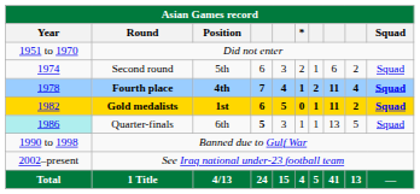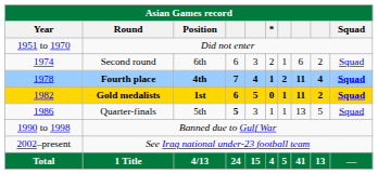 <table class="wikitable collapsed" style="font-size:90%; text-align:center;" width="60%">
 <tr>
 <th colspan=10 style="background: #007A3D; color: #FFFFFF;">Asian Games record</th>
 </tr>
 <tr>
 <th>Year</th>
 <th>Round</th>
 <th>Position</th>
 <th></th>
 <th></th>
 <th>*</th>
 <th></th>
 <th></th>
 <th></th>
 <th>Squad</th>
 </tr>
 <tr>
 <td> <a href='#'>1951</a> to  <a href='#'>1970</a></td>
 <td rowspan=1 colspan=10><em>Did not enter</em></td>
 </tr>
 <tr>
 <td> <a href='#'>1974</a></td>
 <td>Second round</td>
-<td>5th</td>
+<td>6th</td>
 <td>6</td>
 <td>3</td>
 <td>2</td>
 <td>1</td>
 <td>6</td>
 <td>2</td>
 <td><a href='#'>Squad</a></td>
 </tr>
 <tr style="background:#9acdff;">
 <td> <a href='#'>1978</a></td>
 <td><strong>Fourth place</strong></td>
 <td><strong>4th</strong></td>
 <td><strong>7</strong></td>
 <td><strong>4</strong></td>
 <td><strong>1</strong></td>
 <td><strong>2</strong></td>
 <td><strong>11</strong></td>
 <td><strong>4</strong></td>
 <td><strong><a href='#'>Squad</a></strong></td>
 </tr>
 <tr bgcolor=gold>
 <td> <a href='#'>1982</a></td>
 <td><strong>Gold medalists</strong></td>
 <td><strong>1st</strong></td>
 <td><strong>6</strong></td>
 <td><strong>5</strong></td>
 <td><strong>0</strong></td>
 <td><strong>1</strong></td>
 <td><strong>11</strong></td>
 <td><strong>2</strong></td>
 <td><strong><a href='#'>Squad</a></strong></td>
 </tr>
 <tr>
-<td style="background: paleturquoise;"> <a href='#'>1986</a></td>
+<td> <a href='#'>1986</a></td>
 <td>Quarter-finals</td>
-<td>6th</td>
+<td>5th</td>
 <td><strong>5</strong></td>
 <td>3</td>
 <td>1</td>
 <td>1</td>
 <td>13</td>
 <td>5</td>
 <td><a href='#'>Squad</a></td>
 </tr>
 <tr>
 <td> <a href='#'>1990</a> to  <a href='#'>1998</a></td>
 <td rowspan=1 colspan=9><em>Banned due to <a href='#'>Gulf War</a></em></td>
 </tr>
 <tr>
 <td> <a href='#'>2002</a>–present</td>
 <td colspan="9"><em>See <a href='#'>Iraq national under-23 football team</a></em></td>
 </tr>
 <tr>
 <th style="background: #007A3D; color: #FFFFFF;">Total</th>
 <th style="background: #007A3D; color: #FFFFFF;">1 Title</th>
 <th style="background: #007A3D; color: #FFFFFF;">4/13</th>
 <th style="background: #007A3D; color: #FFFFFF;">24</th>
 <th style="background: #007A3D; color: #FFFFFF;">15</th>
 <th style="background: #007A3D; color: #FFFFFF;">4</th>
 <th style="background: #007A3D; color: #FFFFFF;">5</th>
 <th style="background: #007A3D; color: #FFFFFF;">41</th>
 <th style="background: #007A3D; color: #FFFFFF;">13</th>
 <th style="background: #007A3D; color: #FFFFFF;">—</th>
 </tr>
 </table>
